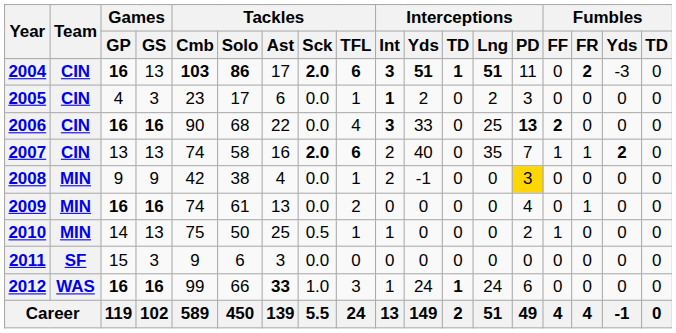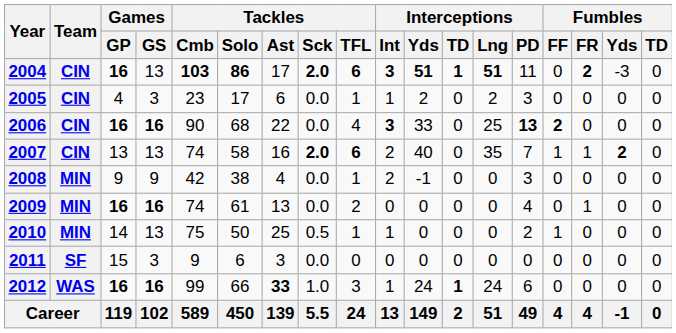 <table class="wikitable" style="text-align:center;">
 <tr>
 <th rowspan="2">Year</th>
 <th rowspan="2">Team</th>
 <th colspan="2">Games</th>
 <th colspan="5">Tackles</th>
 <th colspan="5">Interceptions</th>
 <th colspan="4">Fumbles</th>
 </tr>
 <tr>
 <th>GP</th>
 <th>GS</th>
 <th>Cmb</th>
 <th>Solo</th>
 <th>Ast</th>
 <th>Sck</th>
 <th>TFL</th>
 <th>Int</th>
 <th>Yds</th>
 <th>TD</th>
 <th>Lng</th>
 <th>PD</th>
 <th>FF</th>
 <th>FR</th>
 <th>Yds</th>
 <th>TD</th>
 </tr>
 <tr>
 <th><a href='#'>2004</a></th>
 <th><a href='#'>CIN</a></th>
 <td><strong>16</strong></td>
 <td>13</td>
 <td><strong>103</strong></td>
 <td><strong>86</strong></td>
 <td>17</td>
 <td><strong>2.0</strong></td>
 <td><strong>6</strong></td>
 <td><strong>3</strong></td>
 <td><strong>51</strong></td>
 <td><strong>1</strong></td>
 <td><strong>51</strong></td>
 <td>11</td>
 <td>0</td>
 <td><strong>2</strong></td>
 <td>-3</td>
 <td>0</td>
 </tr>
 <tr>
 <th><a href='#'>2005</a></th>
 <th><a href='#'>CIN</a></th>
 <td>4</td>
 <td>3</td>
 <td>23</td>
 <td>17</td>
 <td>6</td>
 <td>0.0</td>
 <td>1</td>
-<td><strong>1</strong></td>
+<td>1</td>
 <td>2</td>
 <td>0</td>
 <td>2</td>
 <td>3</td>
 <td>0</td>
 <td>0</td>
 <td>0</td>
 <td>0</td>
 </tr>
 <tr>
 <th><a href='#'>2006</a></th>
 <th><a href='#'>CIN</a></th>
 <td><strong>16</strong></td>
 <td><strong>16</strong></td>
 <td>90</td>
 <td>68</td>
 <td>22</td>
 <td>0.0</td>
 <td>4</td>
 <td><strong>3</strong></td>
 <td>33</td>
 <td>0</td>
 <td>25</td>
 <td><strong>13</strong></td>
 <td><strong>2</strong></td>
 <td>0</td>
 <td>0</td>
 <td>0</td>
 </tr>
 <tr>
 <th><a href='#'>2007</a></th>
 <th><a href='#'>CIN</a></th>
 <td>13</td>
 <td>13</td>
 <td>74</td>
 <td>58</td>
 <td>16</td>
 <td><strong>2.0</strong></td>
 <td><strong>6</strong></td>
 <td>2</td>
 <td>40</td>
 <td>0</td>
 <td>35</td>
 <td>7</td>
 <td>1</td>
 <td>1</td>
 <td><strong>2</strong></td>
 <td>0</td>
 </tr>
 <tr>
 <th><a href='#'>2008</a></th>
 <th><a href='#'>MIN</a></th>
 <td>9</td>
 <td>9</td>
 <td>42</td>
 <td>38</td>
 <td>4</td>
 <td>0.0</td>
 <td>1</td>
 <td>2</td>
 <td>-1</td>
 <td>0</td>
 <td>0</td>
-<td style="background: gold;">3</td>
+<td>3</td>
 <td>0</td>
 <td>0</td>
 <td>0</td>
 <td>0</td>
 </tr>
 <tr>
 <th><a href='#'>2009</a></th>
 <th><a href='#'>MIN</a></th>
 <td><strong>16</strong></td>
 <td><strong>16</strong></td>
 <td>74</td>
 <td>61</td>
 <td>13</td>
 <td>0.0</td>
 <td>2</td>
 <td>0</td>
 <td>0</td>
 <td>0</td>
 <td>0</td>
 <td>4</td>
 <td>0</td>
 <td>1</td>
 <td>0</td>
 <td>0</td>
 </tr>
 <tr>
 <th><a href='#'>2010</a></th>
 <th><a href='#'>MIN</a></th>
 <td>14</td>
 <td>13</td>
 <td>75</td>
 <td>50</td>
 <td>25</td>
 <td>0.5</td>
 <td>1</td>
 <td>1</td>
 <td>0</td>
 <td>0</td>
 <td>0</td>
 <td>2</td>
 <td>1</td>
 <td>0</td>
 <td>0</td>
 <td>0</td>
 </tr>
 <tr>
 <th><a href='#'>2011</a></th>
 <th><a href='#'>SF</a></th>
 <td>15</td>
 <td>3</td>
 <td>9</td>
 <td>6</td>
 <td>3</td>
 <td>0.0</td>
 <td>0</td>
 <td>0</td>
 <td>0</td>
 <td>0</td>
 <td>0</td>
 <td>0</td>
 <td>0</td>
 <td>0</td>
 <td>0</td>
 <td>0</td>
 </tr>
 <tr>
 <th><a href='#'>2012</a></th>
 <th><a href='#'>WAS</a></th>
 <td><strong>16</strong></td>
 <td><strong>16</strong></td>
 <td>99</td>
 <td>66</td>
 <td><strong>33</strong></td>
 <td>1.0</td>
 <td>3</td>
 <td>1</td>
 <td>24</td>
 <td><strong>1</strong></td>
 <td>24</td>
 <td>6</td>
 <td>0</td>
 <td>0</td>
 <td>0</td>
 <td>0</td>
 </tr>
 <tr>
 <th colspan="2">Career</th>
 <th>119</th>
 <th>102</th>
 <th>589</th>
 <th>450</th>
 <th>139</th>
 <th>5.5</th>
 <th>24</th>
 <th>13</th>
 <th>149</th>
 <th>2</th>
 <th>51</th>
 <th>49</th>
 <th>4</th>
 <th>4</th>
 <th>-1</th>
 <th>0</th>
 </tr>
 </table>
